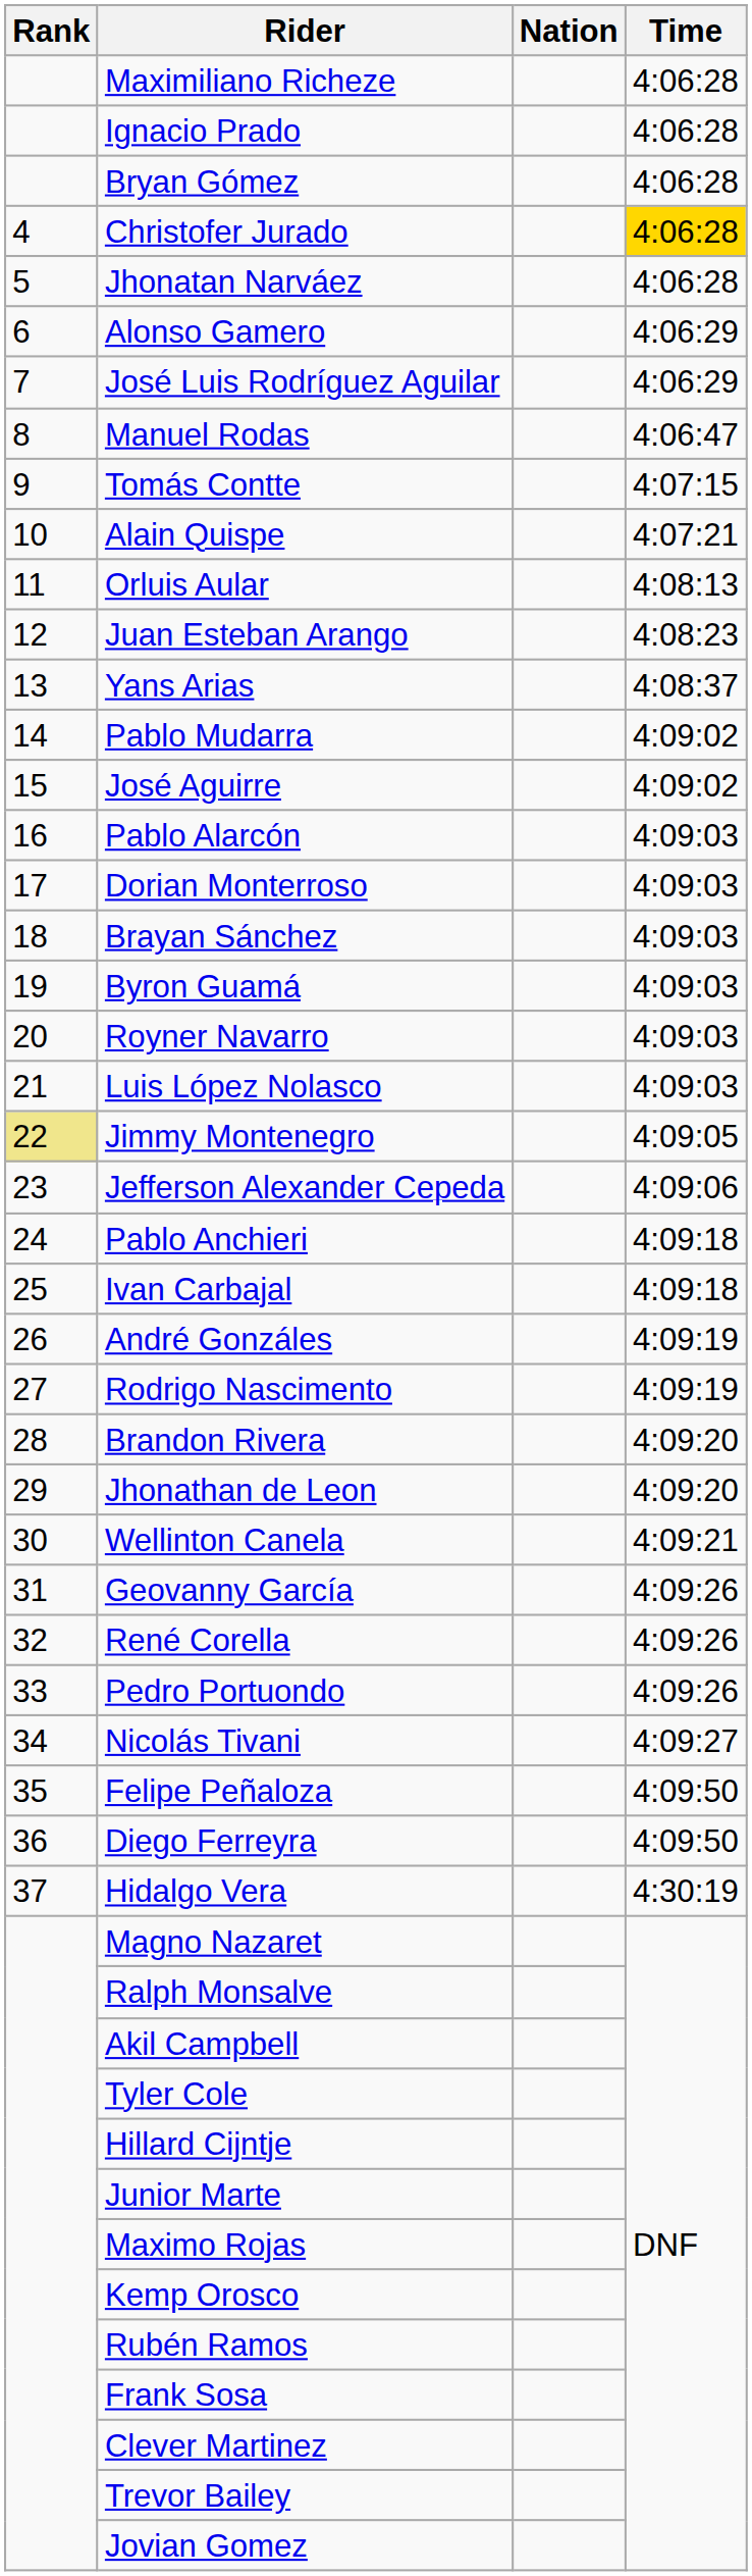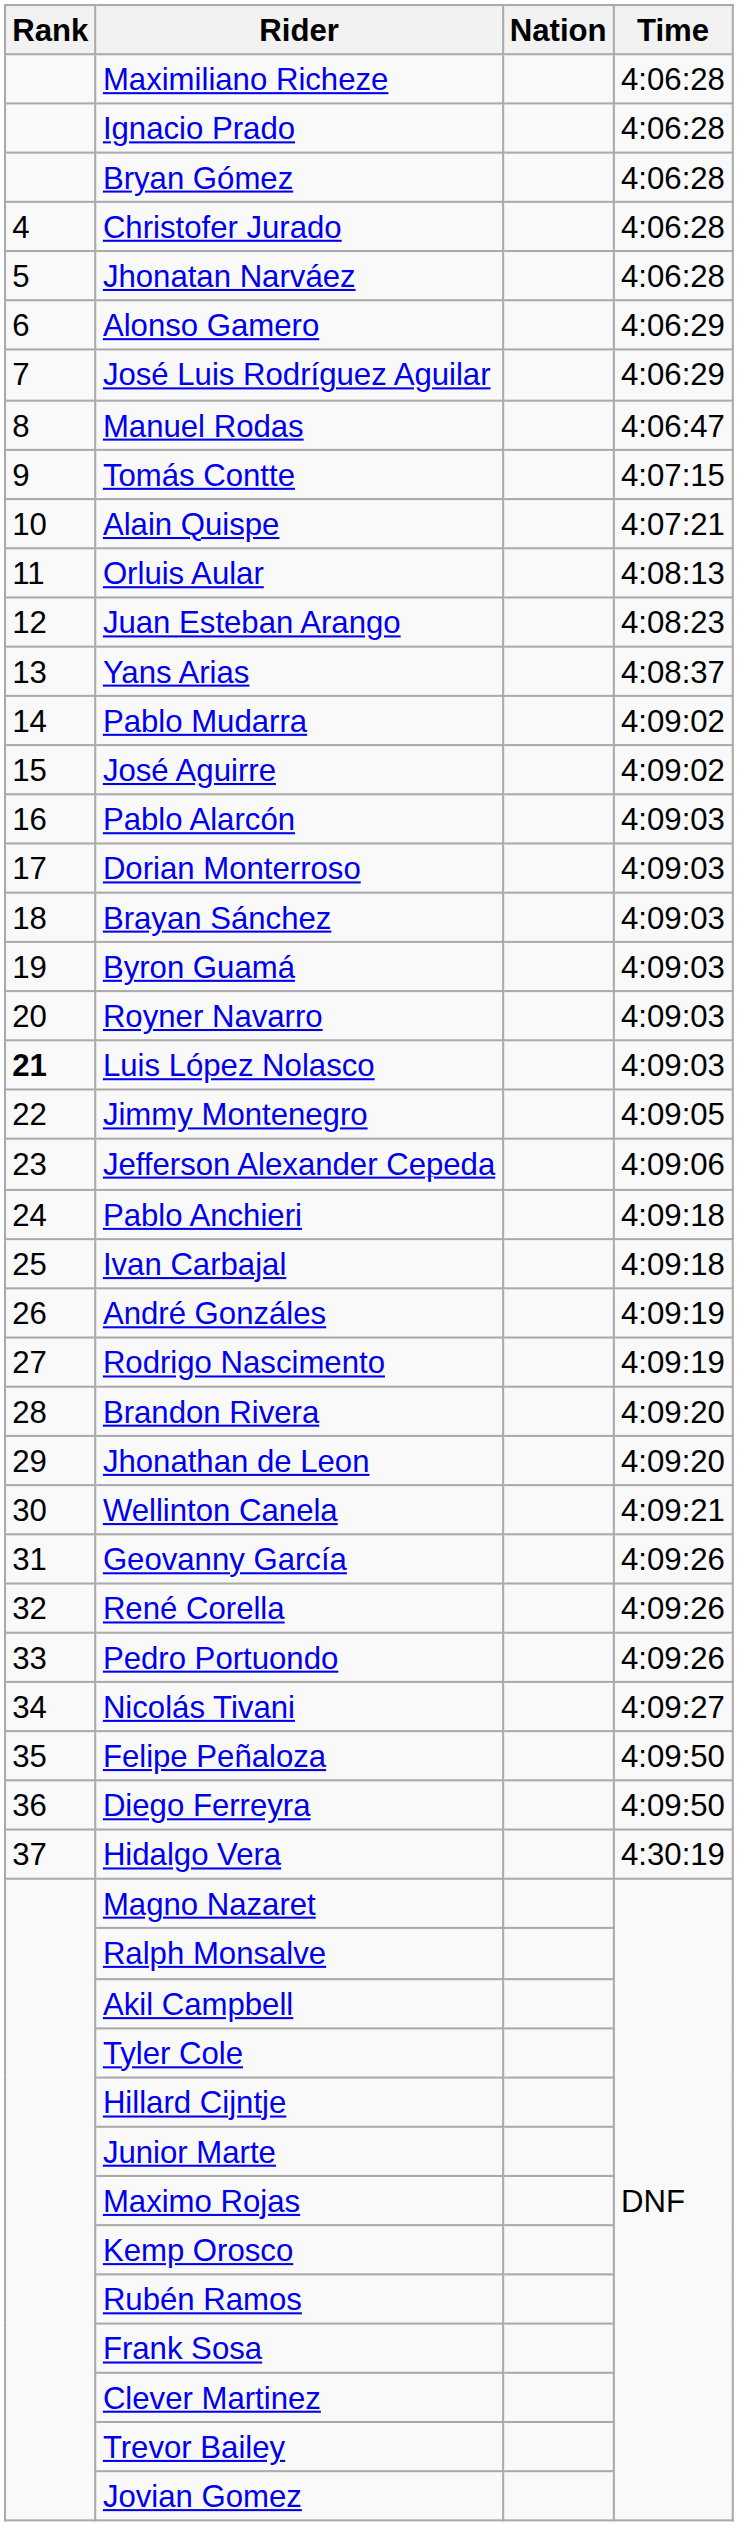 <table class="wikitable sortable" style="font-size:95%" style="width:35em;" style="text-align:center">
 <tr>
 <th>Rank</th>
 <th>Rider</th>
 <th>Nation</th>
 <th>Time</th>
 </tr>
 <tr>
 <td></td>
 <td align=left><a href='#'>Maximiliano Richeze</a></td>
 <td align=left></td>
 <td>4:06:28</td>
 </tr>
 <tr>
 <td></td>
 <td align=left><a href='#'>Ignacio Prado</a></td>
 <td align=left></td>
 <td>4:06:28</td>
 </tr>
 <tr>
 <td></td>
 <td align=left><a href='#'>Bryan Gómez</a></td>
 <td align=left></td>
 <td>4:06:28</td>
 </tr>
 <tr>
 <td>4</td>
 <td align=left><a href='#'>Christofer Jurado</a></td>
 <td align=left></td>
-<td style="background: gold;">4:06:28</td>
+<td>4:06:28</td>
 </tr>
 <tr>
 <td>5</td>
 <td align=left><a href='#'>Jhonatan Narváez</a></td>
 <td align=left></td>
 <td>4:06:28</td>
 </tr>
 <tr>
 <td>6</td>
 <td align=left><a href='#'>Alonso Gamero</a></td>
 <td align=left></td>
 <td>4:06:29</td>
 </tr>
 <tr>
 <td>7</td>
 <td align=left><a href='#'>José Luis Rodríguez Aguilar</a></td>
 <td align=left></td>
 <td>4:06:29</td>
 </tr>
 <tr>
 <td>8</td>
 <td align=left><a href='#'>Manuel Rodas</a></td>
 <td align=left></td>
 <td>4:06:47</td>
 </tr>
 <tr>
 <td>9</td>
 <td align=left><a href='#'>Tomás Contte</a></td>
 <td align=left></td>
 <td>4:07:15</td>
 </tr>
 <tr>
 <td>10</td>
 <td align=left><a href='#'>Alain Quispe</a></td>
 <td align=left></td>
 <td>4:07:21</td>
 </tr>
 <tr>
 <td>11</td>
 <td align=left><a href='#'>Orluis Aular</a></td>
 <td align=left></td>
 <td>4:08:13</td>
 </tr>
 <tr>
 <td>12</td>
 <td align=left><a href='#'>Juan Esteban Arango</a></td>
 <td align=left></td>
 <td>4:08:23</td>
 </tr>
 <tr>
 <td>13</td>
 <td align=left><a href='#'>Yans Arias</a></td>
 <td align=left></td>
 <td>4:08:37</td>
 </tr>
 <tr>
 <td>14</td>
 <td align=left><a href='#'>Pablo Mudarra</a></td>
 <td align=left></td>
 <td>4:09:02</td>
 </tr>
 <tr>
 <td>15</td>
 <td align=left><a href='#'>José Aguirre</a></td>
 <td align=left></td>
 <td>4:09:02</td>
 </tr>
 <tr>
 <td>16</td>
 <td align=left><a href='#'>Pablo Alarcón</a></td>
 <td align=left></td>
 <td>4:09:03</td>
 </tr>
 <tr>
 <td>17</td>
 <td align=left><a href='#'>Dorian Monterroso</a></td>
 <td align=left></td>
 <td>4:09:03</td>
 </tr>
 <tr>
 <td>18</td>
 <td align=left><a href='#'>Brayan Sánchez</a></td>
 <td align=left></td>
 <td>4:09:03</td>
 </tr>
 <tr>
 <td>19</td>
 <td align=left><a href='#'>Byron Guamá</a></td>
 <td align=left></td>
 <td>4:09:03</td>
 </tr>
 <tr>
 <td>20</td>
 <td align=left><a href='#'>Royner Navarro</a></td>
 <td align=left></td>
 <td>4:09:03</td>
 </tr>
 <tr>
-<td>21</td>
+<td><strong>21</strong></td>
 <td align=left><a href='#'>Luis López Nolasco</a></td>
 <td align=left></td>
 <td>4:09:03</td>
 </tr>
 <tr>
-<td style="background: khaki;">22</td>
+<td>22</td>
 <td align=left><a href='#'>Jimmy Montenegro</a></td>
 <td align=left></td>
 <td>4:09:05</td>
 </tr>
 <tr>
 <td>23</td>
 <td align=left><a href='#'>Jefferson Alexander Cepeda</a></td>
 <td align=left></td>
 <td>4:09:06</td>
 </tr>
 <tr>
 <td>24</td>
 <td align=left><a href='#'>Pablo Anchieri</a></td>
 <td align=left></td>
 <td>4:09:18</td>
 </tr>
 <tr>
 <td>25</td>
 <td align=left><a href='#'>Ivan Carbajal</a></td>
 <td align=left></td>
 <td>4:09:18</td>
 </tr>
 <tr>
 <td>26</td>
 <td align=left><a href='#'>André Gonzáles</a></td>
 <td align=left></td>
 <td>4:09:19</td>
 </tr>
 <tr>
 <td>27</td>
 <td align=left><a href='#'>Rodrigo Nascimento</a></td>
 <td align=left></td>
 <td>4:09:19</td>
 </tr>
 <tr>
 <td>28</td>
 <td align=left><a href='#'>Brandon Rivera</a></td>
 <td align=left></td>
 <td>4:09:20</td>
 </tr>
 <tr>
 <td>29</td>
 <td align=left><a href='#'>Jhonathan de Leon</a></td>
 <td align=left></td>
 <td>4:09:20</td>
 </tr>
 <tr>
 <td>30</td>
 <td align=left><a href='#'>Wellinton Canela</a></td>
 <td align=left></td>
 <td>4:09:21</td>
 </tr>
 <tr>
 <td>31</td>
 <td align=left><a href='#'>Geovanny García</a></td>
 <td align=left></td>
 <td>4:09:26</td>
 </tr>
 <tr>
 <td>32</td>
 <td align=left><a href='#'>René Corella</a></td>
 <td align=left></td>
 <td>4:09:26</td>
 </tr>
 <tr>
 <td>33</td>
 <td align=left><a href='#'>Pedro Portuondo</a></td>
 <td align=left></td>
 <td>4:09:26</td>
 </tr>
 <tr>
 <td>34</td>
 <td align=left><a href='#'>Nicolás Tivani</a></td>
 <td align=left></td>
 <td>4:09:27</td>
 </tr>
 <tr>
 <td>35</td>
 <td align=left><a href='#'>Felipe Peñaloza</a></td>
 <td align=left></td>
 <td>4:09:50</td>
 </tr>
 <tr>
 <td>36</td>
 <td align=left><a href='#'>Diego Ferreyra</a></td>
 <td align=left></td>
 <td>4:09:50</td>
 </tr>
 <tr>
 <td>37</td>
 <td align=left><a href='#'>Hidalgo Vera</a></td>
 <td align=left></td>
 <td>4:30:19</td>
 </tr>
 <tr>
 <td rowspan=13></td>
 <td align=left><a href='#'>Magno Nazaret</a></td>
 <td align=left></td>
 <td rowspan=13>DNF</td>
 </tr>
 <tr>
 <td align=left><a href='#'>Ralph Monsalve</a></td>
 <td align=left></td>
 </tr>
 <tr>
 <td align=left><a href='#'>Akil Campbell</a></td>
 <td align=left></td>
 </tr>
 <tr>
 <td align=left><a href='#'>Tyler Cole</a></td>
 <td align=left></td>
 </tr>
 <tr>
 <td align=left><a href='#'>Hillard Cijntje</a></td>
 <td align=left></td>
 </tr>
 <tr>
 <td align=left><a href='#'>Junior Marte</a></td>
 <td align=left></td>
 </tr>
 <tr>
 <td align=left><a href='#'>Maximo Rojas</a></td>
 <td align=left></td>
 </tr>
 <tr>
 <td align=left><a href='#'>Kemp Orosco</a></td>
 <td align=left></td>
 </tr>
 <tr>
 <td align=left><a href='#'>Rubén Ramos</a></td>
 <td align=left></td>
 </tr>
 <tr>
 <td align=left><a href='#'>Frank Sosa</a></td>
 <td align=left></td>
 </tr>
 <tr>
 <td align=left><a href='#'>Clever Martinez</a></td>
 <td align=left></td>
 </tr>
 <tr>
 <td align=left><a href='#'>Trevor Bailey</a></td>
 <td align=left></td>
 </tr>
 <tr>
 <td align=left><a href='#'>Jovian Gomez</a></td>
 <td align=left></td>
 </tr>
 </table>
